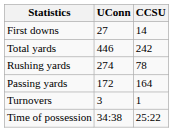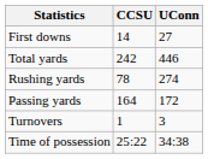 <table class="wikitable">
 <tr>
 <th>Statistics</th>
+<th>CCSU</th>
 <th>UConn</th>
-<th>CCSU</th>
 </tr>
 <tr>
 <td>First downs</td>
+<td>14</td>
 <td>27</td>
-<td>14</td>
 </tr>
 <tr>
 <td>Total yards</td>
+<td>242</td>
 <td>446</td>
-<td>242</td>
 </tr>
 <tr>
 <td>Rushing yards</td>
+<td>78</td>
 <td>274</td>
-<td>78</td>
 </tr>
 <tr>
 <td>Passing yards</td>
+<td>164</td>
 <td>172</td>
-<td>164</td>
 </tr>
 <tr>
 <td>Turnovers</td>
+<td>1</td>
 <td>3</td>
-<td>1</td>
 </tr>
 <tr>
 <td>Time of possession</td>
+<td>25:22</td>
 <td>34:38</td>
-<td>25:22</td>
 </tr>
 </table>
